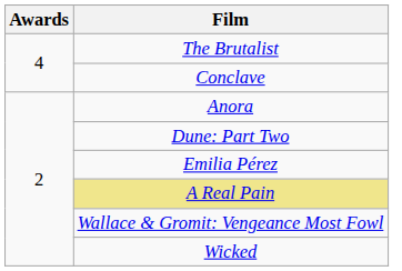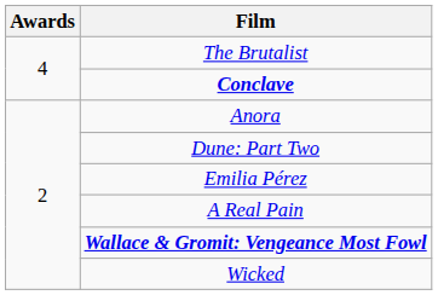 <table class="wikitable" style="text-align:center;">
 <tr>
 <th style="background:">Awards</th>
 <th style="background:">Film</th>
 </tr>
 <tr>
 <td rowspan="2">4</td>
 <td><em><a href='#'>The Brutalist</a></em></td>
 </tr>
 <tr>
-<td><em><a href='#'>Conclave</a></em></td>
+<td><strong><em><a href='#'>Conclave</a></em></strong></td>
 </tr>
 <tr>
 <td rowspan="6">2</td>
 <td><em><a href='#'>Anora</a></em></td>
 </tr>
 <tr>
 <td><em><a href='#'>Dune: Part Two</a></em></td>
 </tr>
 <tr>
 <td><em><a href='#'>Emilia Pérez</a></em></td>
 </tr>
 <tr>
-<td style="background: khaki;"><em><a href='#'>A Real Pain</a></em></td>
+<td><em><a href='#'>A Real Pain</a></em></td>
 </tr>
 <tr>
-<td><em><a href='#'>Wallace & Gromit: Vengeance Most Fowl</a></em></td>
+<td><strong><em><a href='#'>Wallace & Gromit: Vengeance Most Fowl</a></em></strong></td>
 </tr>
 <tr>
 <td><em><a href='#'>Wicked</a></em></td>
 </tr>
 </table>
